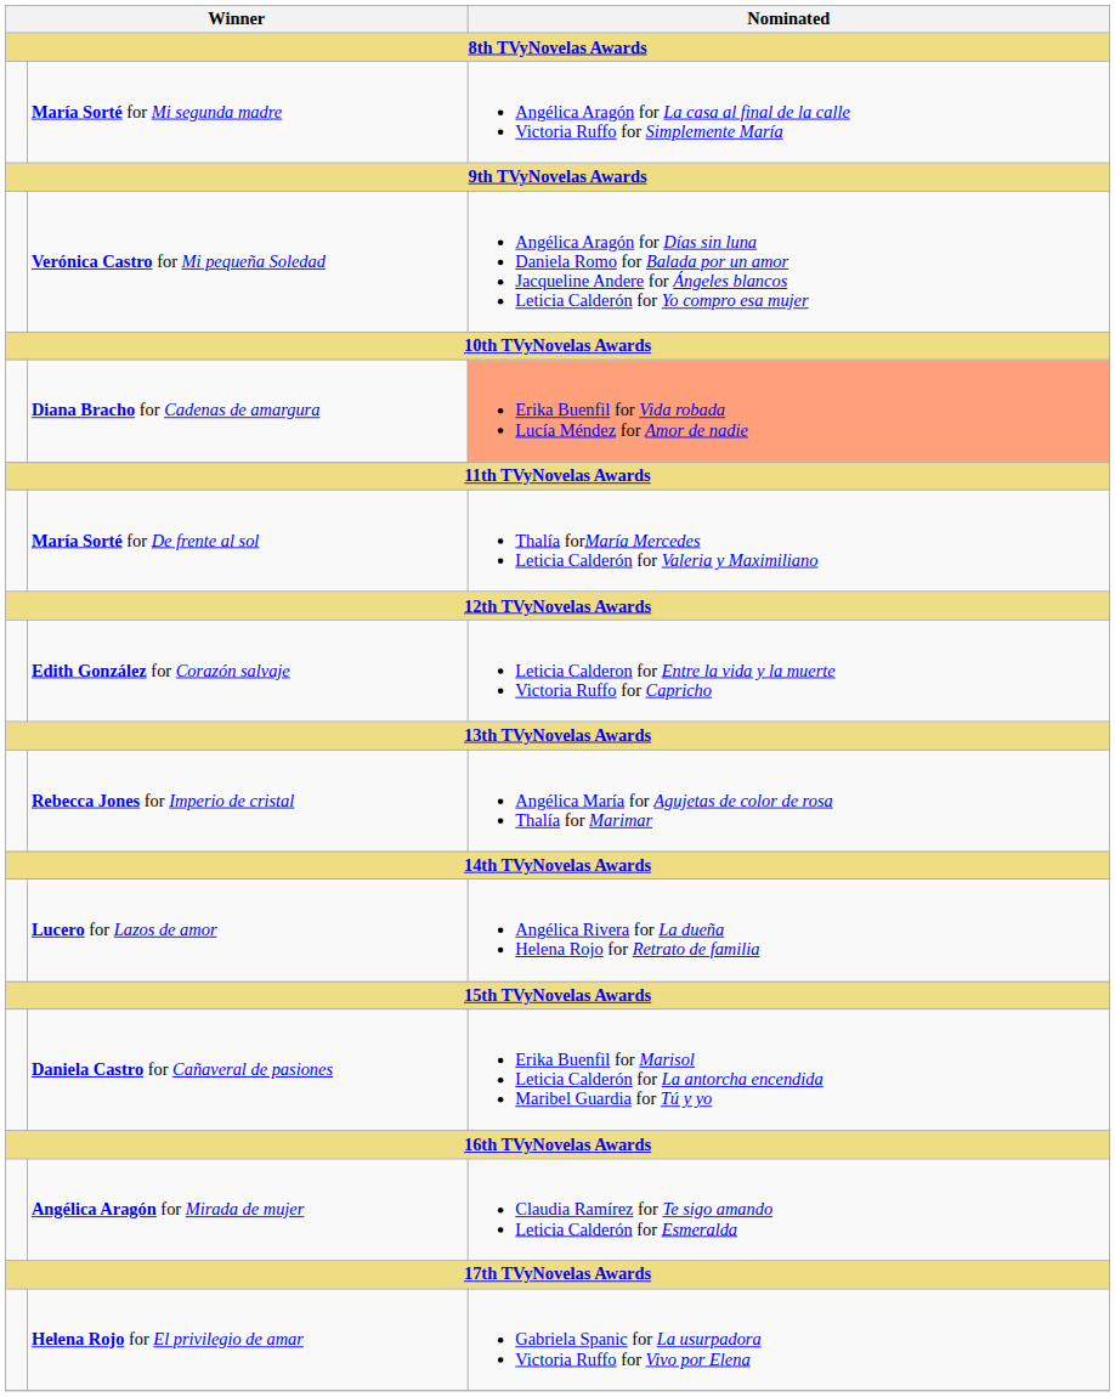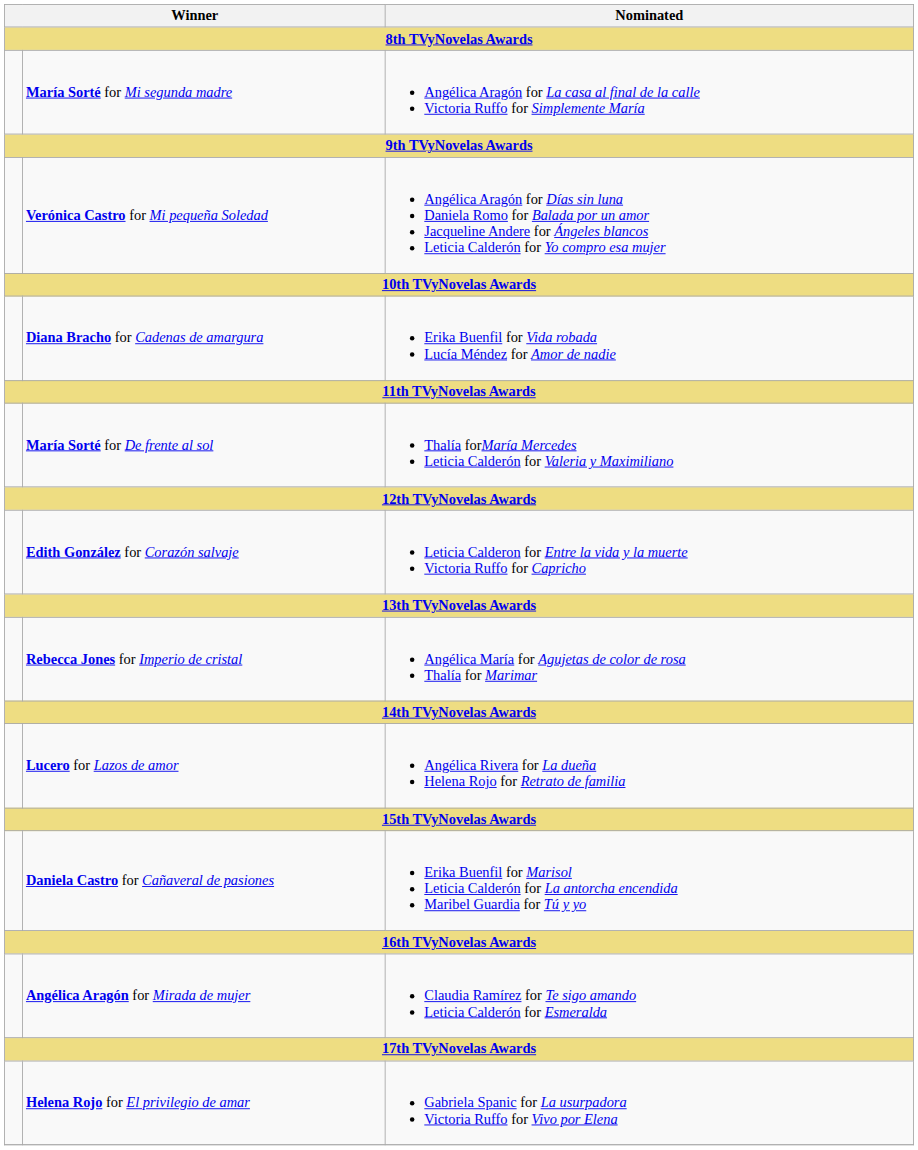 <table class="wikitable" width=80%>
 <tr align=center>
 <th width="150px;" colspan=2; align="center">Winner</th>
 <th width="580px;" align="center">Nominated</th>
 </tr>
 <tr>
 <th colspan=9 style="background:#EEDD82;"  align="center"><strong><a href='#'>8th TVyNovelas Awards</a></strong></th>
 </tr>
 <tr>
 <td width=2%></td>
 <td><strong><a href='#'>María Sorté</a></strong> for <em><a href='#'>Mi segunda madre</a></em></td>
 <td><br><ul><li><a href='#'>Angélica Aragón</a> for <em><a href='#'>La casa al final de la calle</a></em></li><li><a href='#'>Victoria Ruffo</a> for <em><a href='#'>Simplemente María</a></em></li></ul></td>
 </tr>
 <tr>
 <th colspan=9 style="background:#EEDD82;"  align="center"><strong><a href='#'>9th TVyNovelas Awards</a></strong></th>
 </tr>
 <tr>
 <td width=2%></td>
 <td><strong><a href='#'>Verónica Castro</a></strong> for <em><a href='#'>Mi pequeña Soledad</a></em></td>
 <td><br><ul><li><a href='#'>Angélica Aragón</a> for <em><a href='#'>Días sin luna</a></em></li><li><a href='#'>Daniela Romo</a> for <em><a href='#'>Balada por un amor</a></em></li><li><a href='#'>Jacqueline Andere</a> for <em><a href='#'>Ángeles blancos</a></em></li><li><a href='#'>Leticia Calderón</a> for <em><a href='#'>Yo compro esa mujer</a></em></li></ul></td>
 </tr>
 <tr>
 <th colspan=9 style="background:#EEDD82;"  align="center"><strong><a href='#'>10th TVyNovelas Awards</a></strong></th>
 </tr>
 <tr>
 <td width=2%></td>
 <td><strong><a href='#'>Diana Bracho</a></strong> for <em><a href='#'>Cadenas de amargura</a></em></td>
-<td style="background: lightsalmon;"><br><ul><li><a href='#'>Erika Buenfil</a> for <em><a href='#'>Vida robada</a></em></li><li><a href='#'>Lucía Méndez</a> for <em><a href='#'>Amor de nadie</a></em></li></ul></td>
+<td><br><ul><li><a href='#'>Erika Buenfil</a> for <em><a href='#'>Vida robada</a></em></li><li><a href='#'>Lucía Méndez</a> for <em><a href='#'>Amor de nadie</a></em></li></ul></td>
 </tr>
 <tr>
 <th colspan=9 style="background:#EEDD82;"  align="center"><strong><a href='#'>11th TVyNovelas Awards</a></strong></th>
 </tr>
 <tr>
 <td width=2%></td>
 <td><strong><a href='#'>María Sorté</a></strong> for <em><a href='#'>De frente al sol</a></em></td>
 <td><br><ul><li><a href='#'>Thalía</a> for<em><a href='#'>María Mercedes</a></em></li><li><a href='#'>Leticia Calderón</a> for <em><a href='#'>Valeria y Maximiliano</a></em></li></ul></td>
 </tr>
 <tr>
 <th colspan=9 style="background:#EEDD82;"  align="center"><strong><a href='#'>12th TVyNovelas Awards</a></strong></th>
 </tr>
 <tr>
 <td width=2%></td>
 <td><strong><a href='#'>Edith González</a></strong> for <em><a href='#'>Corazón salvaje</a></em></td>
 <td><br><ul><li><a href='#'>Leticia Calderon</a> for <em><a href='#'>Entre la vida y la muerte</a></em></li><li><a href='#'>Victoria Ruffo</a> for <em><a href='#'>Capricho</a></em></li></ul></td>
 </tr>
 <tr>
 <th colspan=9 style="background:#EEDD82;"  align="center"><strong><a href='#'>13th TVyNovelas Awards</a></strong></th>
 </tr>
 <tr>
 <td width=2%></td>
 <td><strong><a href='#'>Rebecca Jones</a></strong> for <em><a href='#'>Imperio de cristal</a></em></td>
 <td><br><ul><li><a href='#'>Angélica María</a> for <em><a href='#'>Agujetas de color de rosa</a></em></li><li><a href='#'>Thalía</a> for <em><a href='#'>Marimar</a></em></li></ul></td>
 </tr>
 <tr>
 <th colspan=9 style="background:#EEDD82;"  align="center"><strong><a href='#'>14th TVyNovelas Awards</a></strong></th>
 </tr>
 <tr>
 <td width=2%></td>
 <td><strong><a href='#'>Lucero</a></strong> for <em><a href='#'>Lazos de amor</a></em></td>
 <td><br><ul><li><a href='#'>Angélica Rivera</a> for <em><a href='#'>La dueña</a></em></li><li><a href='#'>Helena Rojo</a> for <em><a href='#'>Retrato de familia</a></em></li></ul></td>
 </tr>
 <tr>
 <th colspan=9 style="background:#EEDD82;"  align="center"><strong><a href='#'>15th TVyNovelas Awards</a></strong></th>
 </tr>
 <tr>
 <td width=2%></td>
 <td><strong><a href='#'>Daniela Castro</a></strong> for <em><a href='#'>Cañaveral de pasiones</a></em></td>
 <td><br><ul><li><a href='#'>Erika Buenfil</a> for <em><a href='#'>Marisol</a></em></li><li><a href='#'>Leticia Calderón</a> for <em><a href='#'>La antorcha encendida</a></em></li><li><a href='#'>Maribel Guardia</a> for <em><a href='#'>Tú y yo</a></em></li></ul></td>
 </tr>
 <tr>
 <th colspan=9 style="background:#EEDD82;"  align="center"><strong><a href='#'>16th TVyNovelas Awards</a></strong></th>
 </tr>
 <tr>
 <td width=2%></td>
 <td><strong><a href='#'>Angélica Aragón</a></strong> for <em><a href='#'>Mirada de mujer</a></em></td>
 <td><br><ul><li><a href='#'>Claudia Ramírez</a> for <em><a href='#'>Te sigo amando</a></em></li><li><a href='#'>Leticia Calderón</a> for <em><a href='#'>Esmeralda</a></em></li></ul></td>
 </tr>
 <tr>
 <th colspan=9 style="background:#EEDD82;"  align="center"><strong><a href='#'>17th TVyNovelas Awards</a></strong></th>
 </tr>
 <tr>
 <td width=2%></td>
 <td><strong><a href='#'>Helena Rojo</a></strong> for <em><a href='#'>El privilegio de amar</a></em></td>
 <td><br><ul><li><a href='#'>Gabriela Spanic</a> for <em><a href='#'>La usurpadora</a></em></li><li><a href='#'>Victoria Ruffo</a> for <em><a href='#'>Vivo por Elena</a></em></li></ul></td>
 </tr>
 <tr>
 </tr>
 </table>
